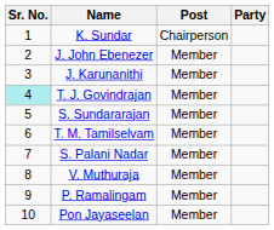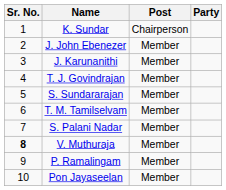 <table class="wikitable sortable">
 <tr>
 <th>Sr. No.</th>
 <th>Name</th>
 <th>Post</th>
 <th colspan="2">Party</th>
 </tr>
 <tr align="center">
 <td>1</td>
 <td><a href='#'>K. Sundar</a></td>
 <td>Chairperson</td>
 <td></td>
 </tr>
 <tr align="center">
 <td>2</td>
 <td><a href='#'>J. John Ebenezer</a></td>
 <td>Member</td>
 <td></td>
 </tr>
 <tr align="center">
 <td>3</td>
 <td><a href='#'>J. Karunanithi</a></td>
 <td>Member</td>
 <td></td>
 </tr>
 <tr align="center">
-<td style="background: paleturquoise;">4</td>
+<td>4</td>
 <td><a href='#'>T. J. Govindrajan</a></td>
 <td>Member</td>
 <td></td>
 </tr>
 <tr align="center">
 <td>5</td>
 <td><a href='#'>S. Sundararajan</a></td>
 <td>Member</td>
 <td></td>
 </tr>
 <tr align="center">
 <td>6</td>
 <td><a href='#'>T. M. Tamilselvam</a></td>
 <td>Member</td>
 <td></td>
 </tr>
 <tr align="center">
 <td>7</td>
 <td><a href='#'>S. Palani Nadar</a></td>
 <td>Member</td>
 <td></td>
 </tr>
 <tr align="center">
-<td>8</td>
+<td><strong>8</strong></td>
 <td><a href='#'>V. Muthuraja</a></td>
 <td>Member</td>
 <td></td>
 </tr>
 <tr align="center">
 <td>9</td>
 <td><a href='#'>P. Ramalingam</a></td>
 <td>Member</td>
 <td></td>
 </tr>
 <tr align="center">
 <td>10</td>
 <td><a href='#'>Pon Jayaseelan</a></td>
 <td>Member</td>
 <td></td>
 </tr>
 </table>
